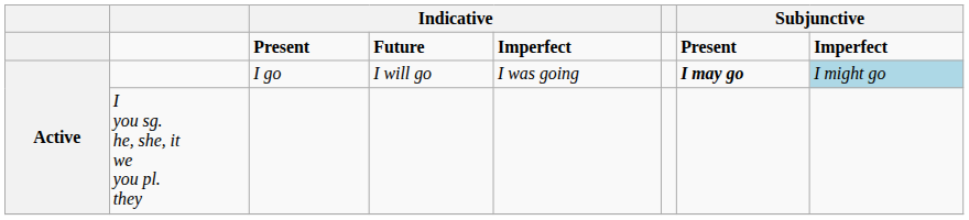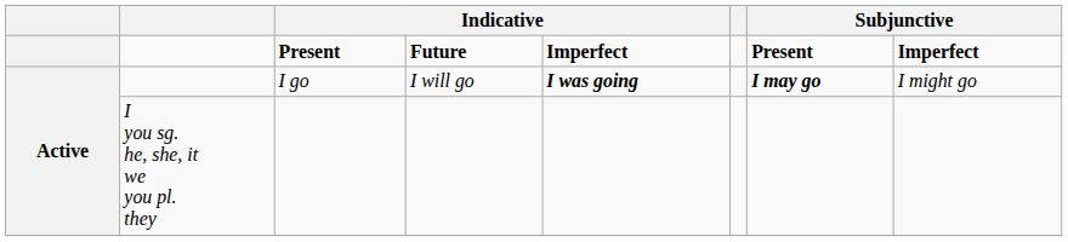 <table class="wikitable" style="width: 55em;">
 <tr>
 <th></th>
 <th></th>
 <th colspan="3">Indicative</th>
 <th></th>
 <th colspan="2">Subjunctive</th>
 </tr>
 <tr>
 <th></th>
 <td></td>
 <td><strong>Present</strong></td>
 <td><strong>Future</strong></td>
 <td><strong>Imperfect</strong></td>
 <td></td>
 <td><strong>Present</strong></td>
 <td><strong>Imperfect</strong></td>
 </tr>
 <tr>
 <th rowspan=2>Active</th>
 <td></td>
 <td><em>I go</em></td>
 <td><em>I will go</em></td>
-<td><em>I was going</em></td>
+<td><strong><em>I was going</em></strong></td>
 <td></td>
 <td><strong><em>I may go</em></strong></td>
-<td style="background: lightblue;"><em>I might go</em></td>
+<td><em>I might go</em></td>
 </tr>
 <tr>
 <td><em>I<br>you sg.<br>he, she, it<br>we<br>you pl.<br>they</em></td>
 <td><strong></strong></td>
 <td><strong></strong></td>
 <td><strong></strong></td>
 <td></td>
 <td><strong></strong></td>
 <td><strong></strong></td>
 </tr>
 <tr>
 </tr>
 </table>
